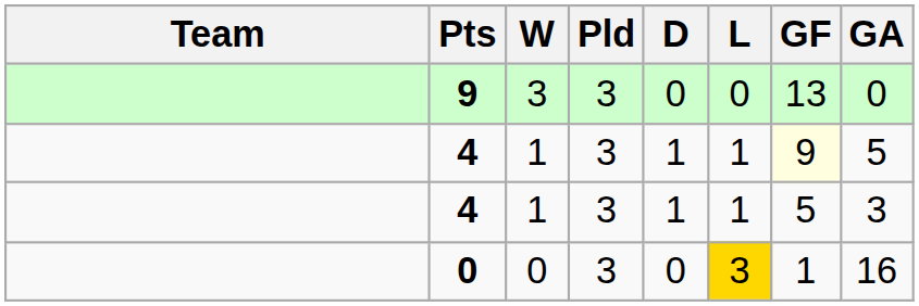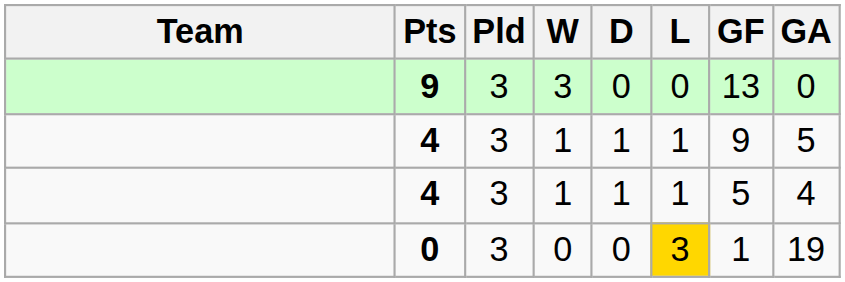 <table class="wikitable" style="text-align: center;">
 <tr>
 <th width=175>Team</th>
 <th width=20 abbr="Points">Pts</th>
+<th width=20 abbr="Played">Pld</th>
 <th width=20 abbr="Won">W</th>
-<th width=20 abbr="Played">Pld</th>
 <th width=20 abbr="Drawn">D</th>
 <th width=20 abbr="Lost">L</th>
 <th width=20 abbr="Goals for">GF</th>
 <th width=20 abbr="Goals against">GA</th>
 </tr>
 <tr style="background:#ccffcc;">
 <td style="text-align:left;"></td>
 <td><strong>9</strong></td>
 <td>3</td>
 <td>3</td>
 <td>0</td>
 <td>0</td>
 <td>13</td>
 <td>0</td>
 </tr>
 <tr align=center>
 <td style="text-align:left;"></td>
 <td><strong>4</strong></td>
-<td>1</td>
 <td>3</td>
 <td>1</td>
 <td>1</td>
-<td style="background: lightyellow;">9</td>
+<td>1</td>
+<td>9</td>
 <td>5</td>
 </tr>
 <tr align=center>
 <td style="text-align:left;"></td>
 <td><strong>4</strong></td>
-<td>1</td>
 <td>3</td>
 <td>1</td>
 <td>1</td>
+<td>1</td>
 <td>5</td>
-<td>3</td>
+<td>4</td>
 </tr>
 <tr align=center>
 <td style="text-align:left;"></td>
 <td><strong>0</strong></td>
+<td>3</td>
 <td>0</td>
-<td>3</td>
 <td>0</td>
 <td style="background: gold;">3</td>
 <td>1</td>
-<td>16</td>
+<td>19</td>
 </tr>
 </table>
